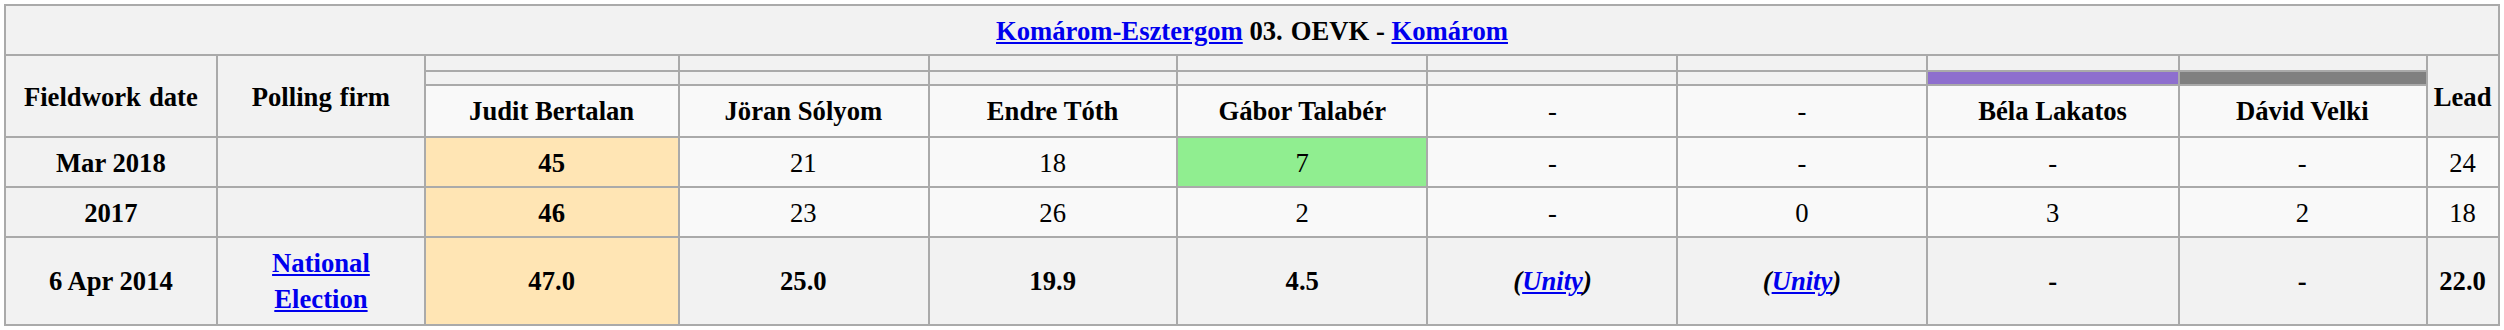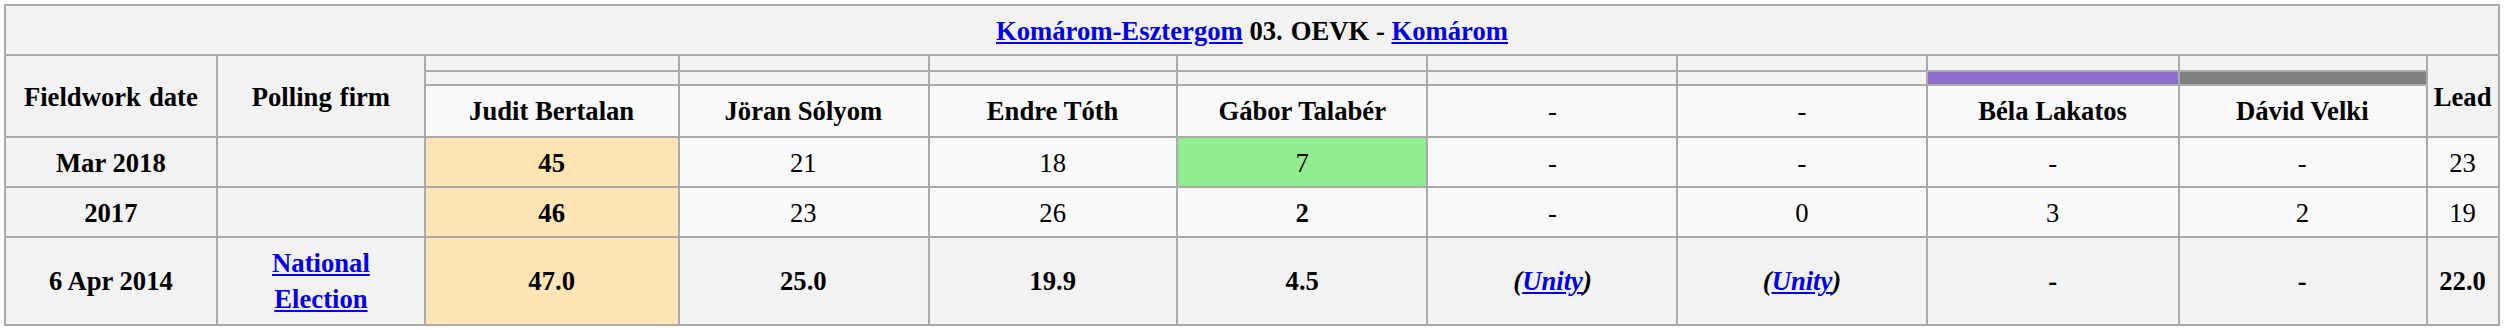 <table class="wikitable mw-collapsible mw-collapsed" style="text-align:center">
 <tr>
 <th colspan="11" style="width: 980pt;"><small><a href='#'>Komárom-Esztergom</a> 03.</small> <small>OEVK - <a href='#'>Komárom</a></small></th>
 </tr>
 <tr>
 <th rowspan="3" style="width: 80pt;"><small>Fieldwork</small> <small>date</small></th>
 <th rowspan="3" style="width: 80pt;"><strong><small>Polling</small> <small>firm</small></strong></th>
 <th style="width: 100pt;"><small></small></th>
 <th style="width: 100pt;"><small> </small></th>
 <th style="width: 100pt;"></th>
 <th style="width: 100pt;"></th>
 <th style="width: 100pt;"></th>
 <th style="width: 100pt;"></th>
 <th style="width: 100pt;"></th>
 <th style="width: 100pt;"></th>
 <th rowspan="3" style="width: 20pt;"><small>Lead</small></th>
 </tr>
 <tr>
 <th style="color:inherit;background:"></th>
 <th style="color:inherit;background:"></th>
 <th style="color:inherit;background:"></th>
 <th style="color:inherit;background:"></th>
 <th style="color:inherit;background:"></th>
 <th style="color:inherit;background:"></th>
 <th style="color:inherit;background:#8E6FCE;"></th>
 <th style="color:inherit;background:#808080;"></th>
 </tr>
 <tr>
 <td><small><strong>Judit Bertalan</strong></small></td>
 <td><small><strong>Jöran Sólyom</strong></small></td>
 <td><small><strong>Endre Tóth</strong></small></td>
 <td><small><strong>Gábor Talabér</strong></small></td>
 <td><small>-</small></td>
 <td><small>-</small></td>
 <td><small><strong>Béla Lakatos</strong></small></td>
 <td><small><strong>Dávid Velki</strong></small></td>
 </tr>
 <tr>
 <th><small>Mar 2018</small></th>
 <th><small></small></th>
 <td style="background:#FFE5B4"><small><strong>45</strong></small></td>
 <td><small>21</small></td>
 <td><small>18</small></td>
 <td style="background: lightgreen;"><small>7</small></td>
 <td><small>-</small></td>
 <td><small>-</small></td>
 <td><small>-</small></td>
 <td><small>-</small></td>
-<td style="background:"><small>24</small></td>
+<td style="background:"><small>23</small></td>
 </tr>
 <tr>
 <th><small>2017</small></th>
 <th><small></small></th>
 <td style="background:#FFE5B4"><small><strong>46</strong></small></td>
 <td><small>23</small></td>
 <td><small>26</small></td>
-<td><small>2</small></td>
+<td><strong><small>2</small></strong></td>
 <td><small>-</small></td>
 <td><small>0</small></td>
 <td><small>3</small></td>
 <td><small>2</small></td>
-<td style="background:"><small>18</small></td>
+<td style="background:"><small>19</small></td>
 </tr>
 <tr>
 <th><small>6 Apr 2014</small></th>
 <th><a href='#'><small>National Election</small></a></th>
 <th style="background:#FFE5B4"><small><strong>47.0</strong></small></th>
 <th><small>25.0</small></th>
 <th><small>19.9</small></th>
 <th><small>4.5</small></th>
 <th><small><em>(<a href='#'>Unity</a>)</em></small></th>
 <th><small><em>(<a href='#'>Unity</a>)</em></small></th>
 <th><small>-</small></th>
 <th><small>-</small></th>
 <th style="background:"><small>22.0</small></th>
 </tr>
 </table>
